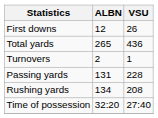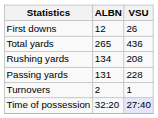 <table class="wikitable" style="float: left;">
 <tr>
 <th>Statistics</th>
 <th>ALBN</th>
 <th>VSU</th>
 </tr>
 <tr>
 <td>First downs</td>
 <td>12</td>
 <td>26</td>
 </tr>
 <tr>
 <td>Total yards</td>
 <td>265</td>
 <td>436</td>
 </tr>
 <tr>
-<td>Turnovers</td>
-<td>2</td>
-<td>1</td>
+<td>Rushing yards</td>
+<td>134</td>
+<td>208</td>
 </tr>
 <tr>
 <td>Passing yards</td>
 <td>131</td>
 <td>228</td>
 </tr>
 <tr>
-<td>Rushing yards</td>
-<td>134</td>
-<td>208</td>
+<td>Turnovers</td>
+<td>2</td>
+<td>1</td>
 </tr>
 <tr>
 <td>Time of possession</td>
 <td>32:20</td>
-<td>27:40</td>
+<td style="background: lavender;">27:40</td>
 </tr>
 <tr>
 </tr>
 </table>
